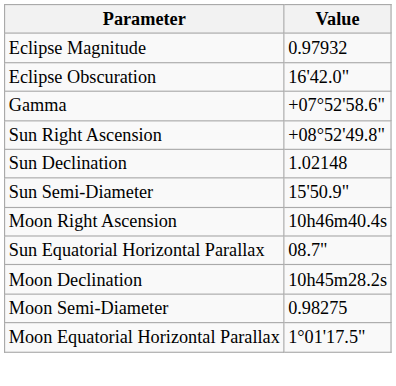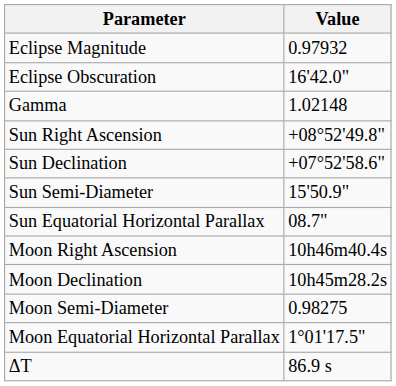 <table class="wikitable">
 <tr>
 <th>Parameter</th>
 <th>Value</th>
 </tr>
 <tr>
 <td>Eclipse Magnitude</td>
 <td>0.97932</td>
 </tr>
 <tr>
 <td>Eclipse Obscuration</td>
 <td>16'42.0"</td>
 </tr>
 <tr>
 <td>Gamma</td>
-<td>+07°52'58.6"</td>
+<td>1.02148</td>
 </tr>
 <tr>
 <td>Sun Right Ascension</td>
 <td>+08°52'49.8"</td>
 </tr>
 <tr>
 <td>Sun Declination</td>
-<td>1.02148</td>
+<td>+07°52'58.6"</td>
 </tr>
 <tr>
 <td>Sun Semi-Diameter</td>
 <td>15'50.9"</td>
 </tr>
 <tr>
+<td>Sun Equatorial Horizontal Parallax</td>
+<td>08.7"</td>
+</tr>
+<tr>
 <td>Moon Right Ascension</td>
 <td>10h46m40.4s</td>
-</tr>
-<tr>
-<td>Sun Equatorial Horizontal Parallax</td>
-<td>08.7"</td>
 </tr>
 <tr>
 <td>Moon Declination</td>
 <td>10h45m28.2s</td>
 </tr>
 <tr>
 <td>Moon Semi-Diameter</td>
 <td>0.98275</td>
 </tr>
 <tr>
 <td>Moon Equatorial Horizontal Parallax</td>
 <td>1°01'17.5"</td>
 </tr>
+<tr>
+<td>ΔT</td>
+<td>86.9 s</td>
+</tr>
 </table>
